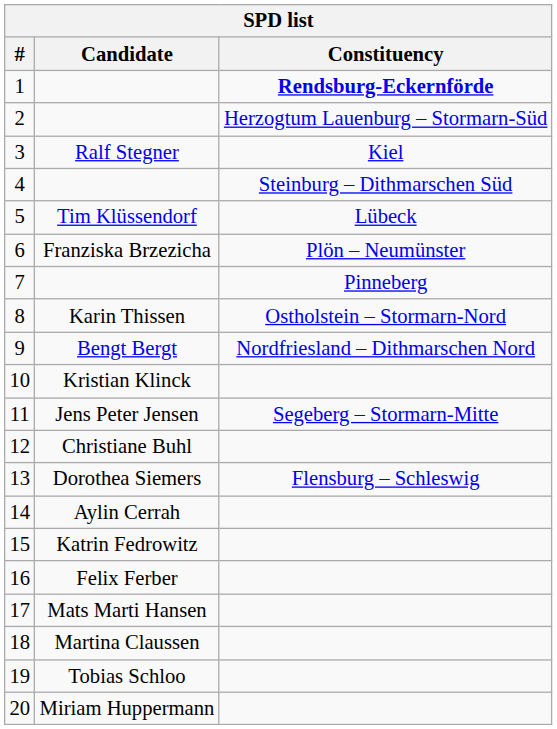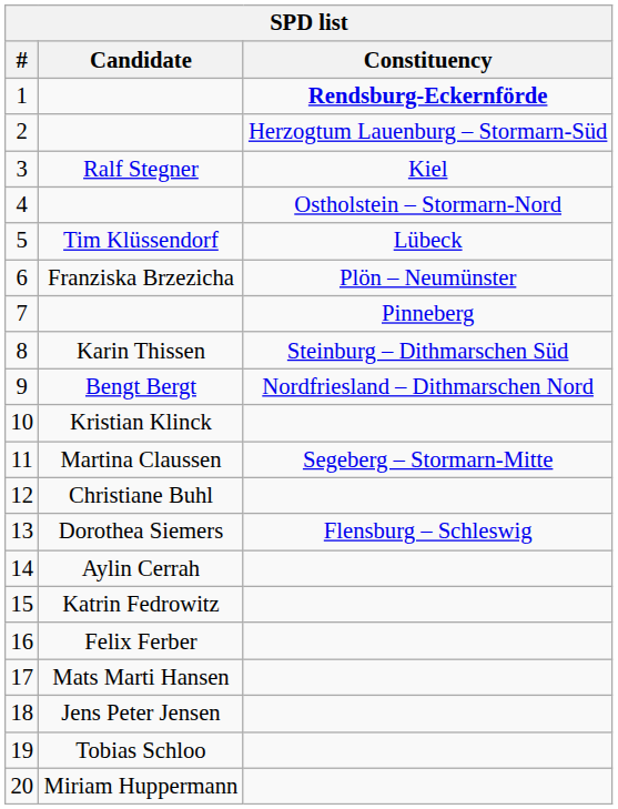 <table class="wikitable mw-collapsible mw-collapsed" style="text-align:center">
 <tr>
 <th colspan=3>SPD list</th>
 </tr>
 <tr>
 <th>#</th>
 <th>Candidate</th>
 <th>Constituency</th>
 </tr>
 <tr>
 <td>1</td>
 <td></td>
 <td><strong><a href='#'>Rendsburg-Eckernförde</a></strong></td>
 </tr>
 <tr>
 <td>2</td>
 <td></td>
 <td><a href='#'>Herzogtum Lauenburg – Stormarn-Süd</a></td>
 </tr>
 <tr>
 <td>3</td>
 <td><a href='#'>Ralf Stegner</a></td>
 <td><a href='#'>Kiel</a></td>
 </tr>
 <tr>
 <td>4</td>
 <td></td>
-<td><a href='#'>Steinburg – Dithmarschen Süd</a></td>
+<td><a href='#'>Ostholstein – Stormarn-Nord</a></td>
 </tr>
 <tr>
 <td>5</td>
 <td><a href='#'>Tim Klüssendorf</a></td>
 <td><a href='#'>Lübeck</a></td>
 </tr>
 <tr>
 <td>6</td>
 <td>Franziska Brzezicha</td>
 <td><a href='#'>Plön – Neumünster</a></td>
 </tr>
 <tr>
 <td>7</td>
 <td></td>
 <td><a href='#'>Pinneberg</a></td>
 </tr>
 <tr>
 <td>8</td>
 <td>Karin Thissen</td>
-<td><a href='#'>Ostholstein – Stormarn-Nord</a></td>
+<td><a href='#'>Steinburg – Dithmarschen Süd</a></td>
 </tr>
 <tr>
 <td>9</td>
 <td><a href='#'>Bengt Bergt</a></td>
 <td><a href='#'>Nordfriesland – Dithmarschen Nord</a></td>
 </tr>
 <tr>
 <td>10</td>
 <td>Kristian Klinck</td>
 <td></td>
 </tr>
 <tr>
 <td>11</td>
-<td>Jens Peter Jensen</td>
+<td>Martina Claussen</td>
 <td><a href='#'>Segeberg – Stormarn-Mitte</a></td>
 </tr>
 <tr>
 <td>12</td>
 <td>Christiane Buhl</td>
 <td></td>
 </tr>
 <tr>
 <td>13</td>
 <td>Dorothea Siemers</td>
 <td><a href='#'>Flensburg – Schleswig</a></td>
 </tr>
 <tr>
 <td>14</td>
 <td>Aylin Cerrah</td>
 <td></td>
 </tr>
 <tr>
 <td>15</td>
 <td>Katrin Fedrowitz</td>
 <td></td>
 </tr>
 <tr>
 <td>16</td>
 <td>Felix Ferber</td>
 <td></td>
 </tr>
 <tr>
 <td>17</td>
 <td>Mats Marti Hansen</td>
 <td></td>
 </tr>
 <tr>
 <td>18</td>
-<td>Martina Claussen</td>
+<td>Jens Peter Jensen</td>
 <td></td>
 </tr>
 <tr>
 <td>19</td>
 <td>Tobias Schloo</td>
 <td></td>
 </tr>
 <tr>
 <td>20</td>
 <td>Miriam Huppermann</td>
 <td></td>
 </tr>
 </table>
